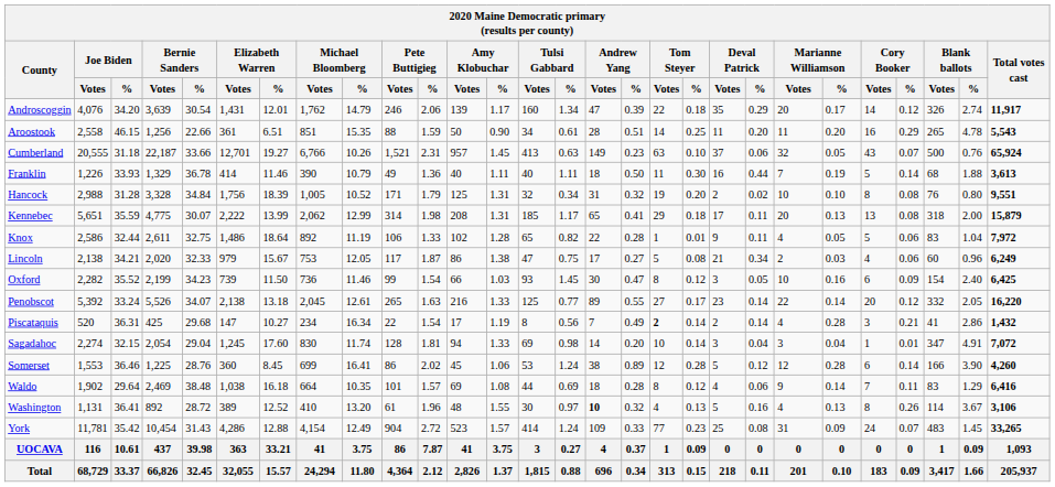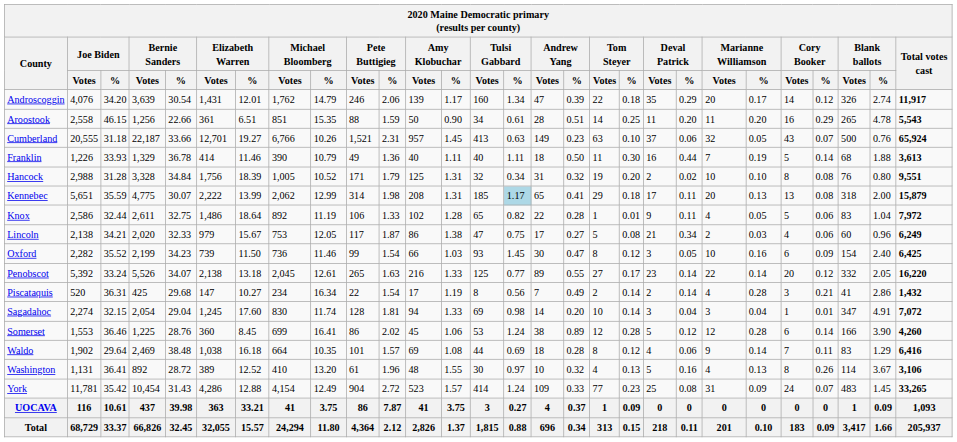 <table class="wikitable sortable mw-collapsible mw-collapsed">
 <tr>
 <th colspan="28"><small>2020 Maine Democratic primary</small><br><small>(results per county)</small></th>
 </tr>
 <tr>
 <th rowspan="2"><small>County</small></th>
 <th colspan="2"><small>Joe Biden</small></th>
 <th colspan="2"><small>Bernie Sanders</small></th>
 <th colspan="2"><small>Elizabeth Warren</small></th>
 <th colspan="2"><small>Michael Bloomberg</small></th>
 <th colspan="2"><small>Pete Buttigieg</small></th>
 <th colspan="2"><small>Amy Klobuchar</small></th>
 <th colspan="2"><small>Tulsi Gabbard</small></th>
 <th colspan="2"><small>Andrew Yang</small></th>
 <th colspan="2"><small>Tom Steyer</small></th>
 <th colspan="2"><small>Deval Patrick</small></th>
 <th colspan="2"><small>Marianne Williamson</small></th>
 <th colspan="2"><small>Cory Booker</small></th>
 <th colspan="2"><small>Blank ballots</small></th>
 <th rowspan="2"><small>Total votes cast</small></th>
 </tr>
 <tr>
 <th><small>Votes</small></th>
 <th><small>%</small></th>
 <th><small>Votes</small></th>
 <th><small>%</small></th>
 <th><small>Votes</small></th>
 <th><small>%</small></th>
 <th><small>Votes</small></th>
 <th><small>%</small></th>
 <th><small>Votes</small></th>
 <th><small>%</small></th>
 <th><small>Votes</small></th>
 <th><small>%</small></th>
 <th><small>Votes</small></th>
 <th><small>%</small></th>
 <th><small>Votes</small></th>
 <th><small>%</small></th>
 <th><small>Votes</small></th>
 <th><small>%</small></th>
 <th><small>Votes</small></th>
 <th><small>%</small></th>
 <th><small>Votes</small></th>
 <th><small>%</small></th>
 <th><small>Votes</small></th>
 <th><small>%</small></th>
 <th><small>Votes</small></th>
 <th><small>%</small></th>
 </tr>
 <tr>
 <td><a href='#'><small>Androscoggin</small></a></td>
 <td><small>4,076</small></td>
 <td><small>34.20</small></td>
 <td><small>3,639</small></td>
 <td><small>30.54</small></td>
 <td><small>1,431</small></td>
 <td><small>12.01</small></td>
 <td><small>1,762</small></td>
 <td><small>14.79</small></td>
 <td><small>246</small></td>
 <td><small>2.06</small></td>
 <td><small>139</small></td>
 <td><small>1.17</small></td>
 <td><small>160</small></td>
 <td><small>1.34</small></td>
 <td><small>47</small></td>
 <td><small>0.39</small></td>
 <td><small>22</small></td>
 <td><small>0.18</small></td>
 <td><small>35</small></td>
 <td><small>0.29</small></td>
 <td><small>20</small></td>
 <td><small>0.17</small></td>
 <td><small>14</small></td>
 <td><small>0.12</small></td>
 <td><small>326</small></td>
 <td><small>2.74</small></td>
 <td><small><strong>11,917</strong></small></td>
 </tr>
 <tr>
 <td><a href='#'><small>Aroostook</small></a></td>
 <td><small>2,558</small></td>
 <td><small>46.15</small></td>
 <td><small>1,256</small></td>
 <td><small>22.66</small></td>
 <td><small>361</small></td>
 <td><small>6.51</small></td>
 <td><small>851</small></td>
 <td><small>15.35</small></td>
 <td><small>88</small></td>
 <td><small>1.59</small></td>
 <td><small>50</small></td>
 <td><small>0.90</small></td>
 <td><small>34</small></td>
 <td><small>0.61</small></td>
 <td><small>28</small></td>
 <td><small>0.51</small></td>
 <td><small>14</small></td>
 <td><small>0.25</small></td>
 <td><small>11</small></td>
 <td><small>0.20</small></td>
 <td><small>11</small></td>
 <td><small>0.20</small></td>
 <td><small>16</small></td>
 <td><small>0.29</small></td>
 <td><small>265</small></td>
 <td><small>4.78</small></td>
 <td><small><strong>5,543</strong></small></td>
 </tr>
 <tr>
 <td><a href='#'><small>Cumberland</small></a></td>
 <td><small>20,555</small></td>
 <td><small>31.18</small></td>
 <td><small>22,187</small></td>
 <td><small>33.66</small></td>
 <td><small>12,701</small></td>
 <td><small>19.27</small></td>
 <td><small>6,766</small></td>
 <td><small>10.26</small></td>
 <td><small>1,521</small></td>
 <td><small>2.31</small></td>
 <td><small>957</small></td>
 <td><small>1.45</small></td>
 <td><small>413</small></td>
 <td><small>0.63</small></td>
 <td><small>149</small></td>
 <td><small>0.23</small></td>
 <td><small>63</small></td>
 <td><small>0.10</small></td>
 <td><small>37</small></td>
 <td><small>0.06</small></td>
 <td><small>32</small></td>
 <td><small>0.05</small></td>
 <td><small>43</small></td>
 <td><small>0.07</small></td>
 <td><small>500</small></td>
 <td><small>0.76</small></td>
 <td><small><strong>65,924</strong></small></td>
 </tr>
 <tr>
 <td><a href='#'><small>Franklin</small></a></td>
 <td><small>1,226</small></td>
 <td><small>33.93</small></td>
 <td><small>1,329</small></td>
 <td><small>36.78</small></td>
 <td><small>414</small></td>
 <td><small>11.46</small></td>
 <td><small>390</small></td>
 <td><small>10.79</small></td>
 <td><small>49</small></td>
 <td><small>1.36</small></td>
 <td><small>40</small></td>
 <td><small>1.11</small></td>
 <td><small>40</small></td>
 <td><small>1.11</small></td>
 <td><small>18</small></td>
 <td><small>0.50</small></td>
 <td><small>11</small></td>
 <td><small>0.30</small></td>
 <td><small>16</small></td>
 <td><small>0.44</small></td>
 <td><small>7</small></td>
 <td><small>0.19</small></td>
 <td><small>5</small></td>
 <td><small>0.14</small></td>
 <td><small>68</small></td>
 <td><small>1.88</small></td>
 <td><small><strong>3,613</strong></small></td>
 </tr>
 <tr>
 <td><a href='#'><small>Hancock</small></a></td>
 <td><small>2,988</small></td>
 <td><small>31.28</small></td>
 <td><small>3,328</small></td>
 <td><small>34.84</small></td>
 <td><small>1,756</small></td>
 <td><small>18.39</small></td>
 <td><small>1,005</small></td>
 <td><small>10.52</small></td>
 <td><small>171</small></td>
 <td><small>1.79</small></td>
 <td><small>125</small></td>
 <td><small>1.31</small></td>
 <td><small>32</small></td>
 <td><small>0.34</small></td>
 <td><small>31</small></td>
 <td><small>0.32</small></td>
 <td><small>19</small></td>
 <td><small>0.20</small></td>
 <td><small>2</small></td>
 <td><small>0.02</small></td>
 <td><small>10</small></td>
 <td><small>0.10</small></td>
 <td><small>8</small></td>
 <td><small>0.08</small></td>
 <td><small>76</small></td>
 <td><small>0.80</small></td>
 <td><small><strong>9,551</strong></small></td>
 </tr>
 <tr>
 <td><a href='#'><small>Kennebec</small></a></td>
 <td><small>5,651</small></td>
 <td><small>35.59</small></td>
 <td><small>4,775</small></td>
 <td><small>30.07</small></td>
 <td><small>2,222</small></td>
 <td><small>13.99</small></td>
 <td><small>2,062</small></td>
 <td><small>12.99</small></td>
 <td><small>314</small></td>
 <td><small>1.98</small></td>
 <td><small>208</small></td>
 <td><small>1.31</small></td>
 <td><small>185</small></td>
-<td><small>1.17</small></td>
+<td style="background: lightblue;"><small>1.17</small></td>
 <td><small>65</small></td>
 <td><small>0.41</small></td>
 <td><small>29</small></td>
 <td><small>0.18</small></td>
 <td><small>17</small></td>
 <td><small>0.11</small></td>
 <td><small>20</small></td>
 <td><small>0.13</small></td>
 <td><small>13</small></td>
 <td><small>0.08</small></td>
 <td><small>318</small></td>
 <td><small>2.00</small></td>
 <td><small><strong>15,879</strong></small></td>
 </tr>
 <tr>
 <td><a href='#'><small>Knox</small></a></td>
 <td><small>2,586</small></td>
 <td><small>32.44</small></td>
 <td><small>2,611</small></td>
 <td><small>32.75</small></td>
 <td><small>1,486</small></td>
 <td><small>18.64</small></td>
 <td><small>892</small></td>
 <td><small>11.19</small></td>
 <td><small>106</small></td>
 <td><small>1.33</small></td>
 <td><small>102</small></td>
 <td><small>1.28</small></td>
 <td><small>65</small></td>
 <td><small>0.82</small></td>
 <td><small>22</small></td>
 <td><small>0.28</small></td>
 <td><small>1</small></td>
 <td><small>0.01</small></td>
 <td><small>9</small></td>
 <td><small>0.11</small></td>
 <td><small>4</small></td>
 <td><small>0.05</small></td>
 <td><small>5</small></td>
 <td><small>0.06</small></td>
 <td><small>83</small></td>
 <td><small>1.04</small></td>
 <td><small><strong>7,972</strong></small></td>
 </tr>
 <tr>
 <td><a href='#'><small>Lincoln</small></a></td>
 <td><small>2,138</small></td>
 <td><small>34.21</small></td>
 <td><small>2,020</small></td>
 <td><small>32.33</small></td>
 <td><small>979</small></td>
 <td><small>15.67</small></td>
 <td><small>753</small></td>
 <td><small>12.05</small></td>
 <td><small>117</small></td>
 <td><small>1.87</small></td>
 <td><small>86</small></td>
 <td><small>1.38</small></td>
 <td><small>47</small></td>
 <td><small>0.75</small></td>
 <td><small>17</small></td>
 <td><small>0.27</small></td>
 <td><small>5</small></td>
 <td><small>0.08</small></td>
 <td><small>21</small></td>
 <td><small>0.34</small></td>
 <td><small>2</small></td>
 <td><small>0.03</small></td>
 <td><small>4</small></td>
 <td><small>0.06</small></td>
 <td><small>60</small></td>
 <td><small>0.96</small></td>
 <td><small><strong>6,249</strong></small></td>
 </tr>
 <tr>
 <td><a href='#'><small>Oxford</small></a></td>
 <td><small>2,282</small></td>
 <td><small>35.52</small></td>
 <td><small>2,199</small></td>
 <td><small>34.23</small></td>
 <td><small>739</small></td>
 <td><small>11.50</small></td>
 <td><small>736</small></td>
 <td><small>11.46</small></td>
 <td><small>99</small></td>
 <td><small>1.54</small></td>
 <td><small>66</small></td>
 <td><small>1.03</small></td>
 <td><small>93</small></td>
 <td><small>1.45</small></td>
 <td><small>30</small></td>
 <td><small>0.47</small></td>
 <td><small>8</small></td>
 <td><small>0.12</small></td>
 <td><small>3</small></td>
 <td><small>0.05</small></td>
 <td><small>10</small></td>
 <td><small>0.16</small></td>
 <td><small>6</small></td>
 <td><small>0.09</small></td>
 <td><small>154</small></td>
 <td><small>2.40</small></td>
 <td><small><strong>6,425</strong></small></td>
 </tr>
 <tr>
 <td><a href='#'><small>Penobscot</small></a></td>
 <td><small>5,392</small></td>
 <td><small>33.24</small></td>
 <td><small>5,526</small></td>
 <td><small>34.07</small></td>
 <td><small>2,138</small></td>
 <td><small>13.18</small></td>
 <td><small>2,045</small></td>
 <td><small>12.61</small></td>
 <td><small>265</small></td>
 <td><small>1.63</small></td>
 <td><small>216</small></td>
 <td><small>1.33</small></td>
 <td><small>125</small></td>
 <td><small>0.77</small></td>
 <td><small>89</small></td>
 <td><small>0.55</small></td>
 <td><small>27</small></td>
 <td><small>0.17</small></td>
 <td><small>23</small></td>
 <td><small>0.14</small></td>
 <td><small>22</small></td>
 <td><small>0.14</small></td>
 <td><small>20</small></td>
 <td><small>0.12</small></td>
 <td><small>332</small></td>
 <td><small>2.05</small></td>
 <td><small><strong>16,220</strong></small></td>
 </tr>
 <tr>
 <td><a href='#'><small>Piscataquis</small></a></td>
 <td><small>520</small></td>
 <td><small>36.31</small></td>
 <td><small>425</small></td>
 <td><small>29.68</small></td>
 <td><small>147</small></td>
 <td><small>10.27</small></td>
 <td><small>234</small></td>
 <td><small>16.34</small></td>
 <td><small>22</small></td>
 <td><small>1.54</small></td>
 <td><small>17</small></td>
 <td><small>1.19</small></td>
 <td><small>8</small></td>
 <td><small>0.56</small></td>
 <td><small>7</small></td>
 <td><small>0.49</small></td>
-<td><strong><small>2</small></strong></td>
+<td><small>2</small></td>
 <td><small>0.14</small></td>
 <td><small>2</small></td>
 <td><small>0.14</small></td>
 <td><small>4</small></td>
 <td><small>0.28</small></td>
 <td><small>3</small></td>
 <td><small>0.21</small></td>
 <td><small>41</small></td>
 <td><small>2.86</small></td>
 <td><small><strong>1,432</strong></small></td>
 </tr>
 <tr>
 <td><a href='#'><small>Sagadahoc</small></a></td>
 <td><small>2,274</small></td>
 <td><small>32.15</small></td>
 <td><small>2,054</small></td>
 <td><small>29.04</small></td>
 <td><small>1,245</small></td>
 <td><small>17.60</small></td>
 <td><small>830</small></td>
 <td><small>11.74</small></td>
 <td><small>128</small></td>
 <td><small>1.81</small></td>
 <td><small>94</small></td>
 <td><small>1.33</small></td>
 <td><small>69</small></td>
 <td><small>0.98</small></td>
 <td><small>14</small></td>
 <td><small>0.20</small></td>
 <td><small>10</small></td>
 <td><small>0.14</small></td>
 <td><small>3</small></td>
 <td><small>0.04</small></td>
 <td><small>3</small></td>
 <td><small>0.04</small></td>
 <td><small>1</small></td>
 <td><small>0.01</small></td>
 <td><small>347</small></td>
 <td><small>4.91</small></td>
 <td><small><strong>7,072</strong></small></td>
 </tr>
 <tr>
 <td><a href='#'><small>Somerset</small></a></td>
 <td><small>1,553</small></td>
 <td><small>36.46</small></td>
 <td><small>1,225</small></td>
 <td><small>28.76</small></td>
 <td><small>360</small></td>
 <td><small>8.45</small></td>
 <td><small>699</small></td>
 <td><small>16.41</small></td>
 <td><small>86</small></td>
 <td><small>2.02</small></td>
 <td><small>45</small></td>
 <td><small>1.06</small></td>
 <td><small>53</small></td>
 <td><small>1.24</small></td>
 <td><small>38</small></td>
 <td><small>0.89</small></td>
 <td><small>12</small></td>
 <td><small>0.28</small></td>
 <td><small>5</small></td>
 <td><small>0.12</small></td>
 <td><small>12</small></td>
 <td><small>0.28</small></td>
 <td><small>6</small></td>
 <td><small>0.14</small></td>
 <td><small>166</small></td>
 <td><small>3.90</small></td>
 <td><small><strong>4,260</strong></small></td>
 </tr>
 <tr>
 <td><a href='#'><small>Waldo</small></a></td>
 <td><small>1,902</small></td>
 <td><small>29.64</small></td>
 <td><small>2,469</small></td>
 <td><small>38.48</small></td>
 <td><small>1,038</small></td>
 <td><small>16.18</small></td>
 <td><small>664</small></td>
 <td><small>10.35</small></td>
 <td><small>101</small></td>
 <td><small>1.57</small></td>
 <td><small>69</small></td>
 <td><small>1.08</small></td>
 <td><small>44</small></td>
 <td><small>0.69</small></td>
 <td><small>18</small></td>
 <td><small>0.28</small></td>
 <td><small>8</small></td>
 <td><small>0.12</small></td>
 <td><small>4</small></td>
 <td><small>0.06</small></td>
 <td><small>9</small></td>
 <td><small>0.14</small></td>
 <td><small>7</small></td>
 <td><small>0.11</small></td>
 <td><small>83</small></td>
 <td><small>1.29</small></td>
 <td><small><strong>6,416</strong></small></td>
 </tr>
 <tr>
 <td><a href='#'><small>Washington</small></a></td>
 <td><small>1,131</small></td>
 <td><small>36.41</small></td>
 <td><small>892</small></td>
 <td><small>28.72</small></td>
 <td><small>389</small></td>
 <td><small>12.52</small></td>
 <td><small>410</small></td>
 <td><small>13.20</small></td>
 <td><small>61</small></td>
 <td><small>1.96</small></td>
 <td><small>48</small></td>
 <td><small>1.55</small></td>
 <td><small>30</small></td>
 <td><small>0.97</small></td>
-<td><strong><small>10</small></strong></td>
+<td><small>10</small></td>
 <td><small>0.32</small></td>
 <td><small>4</small></td>
 <td><small>0.13</small></td>
 <td><small>5</small></td>
 <td><small>0.16</small></td>
 <td><small>4</small></td>
 <td><small>0.13</small></td>
 <td><small>8</small></td>
 <td><small>0.26</small></td>
 <td><small>114</small></td>
 <td><small>3.67</small></td>
 <td><small><strong>3,106</strong></small></td>
 </tr>
 <tr>
 <td><a href='#'><small>York</small></a></td>
 <td><small>11,781</small></td>
 <td><small>35.42</small></td>
 <td><small>10,454</small></td>
 <td><small>31.43</small></td>
 <td><small>4,286</small></td>
 <td><small>12.88</small></td>
 <td><small>4,154</small></td>
 <td><small>12.49</small></td>
 <td><small>904</small></td>
 <td><small>2.72</small></td>
 <td><small>523</small></td>
 <td><small>1.57</small></td>
 <td><small>414</small></td>
 <td><small>1.24</small></td>
 <td><small>109</small></td>
 <td><small>0.33</small></td>
 <td><small>77</small></td>
 <td><small>0.23</small></td>
 <td><small>25</small></td>
 <td><small>0.08</small></td>
 <td><small>31</small></td>
 <td><small>0.09</small></td>
 <td><small>24</small></td>
 <td><small>0.07</small></td>
 <td><small>483</small></td>
 <td><small>1.45</small></td>
 <td><small><strong>33,265</strong></small></td>
 </tr>
 <tr>
 <th><a href='#'><small>UOCAVA</small></a></th>
 <th><small>116</small></th>
 <th><small>10.61</small></th>
 <th><small>437</small></th>
 <th><small>39.98</small></th>
 <th><small>363</small></th>
 <th><small>33.21</small></th>
 <th><small>41</small></th>
 <th><small>3.75</small></th>
 <th><small>86</small></th>
 <th><small>7.87</small></th>
 <th><small>41</small></th>
 <th><small>3.75</small></th>
 <th><small>3</small></th>
 <th><small>0.27</small></th>
 <th><small>4</small></th>
 <th><small>0.37</small></th>
 <th><small>1</small></th>
 <th><small>0.09</small></th>
 <th><small>0</small></th>
 <th><small>0</small></th>
 <th><small>0</small></th>
 <th><small>0</small></th>
 <th><small>0</small></th>
 <th><small>0</small></th>
 <th><small>1</small></th>
 <th><small>0.09</small></th>
 <th><small><strong>1,093</strong></small></th>
 </tr>
 <tr>
 <th><small>Total</small></th>
 <th><small>68,729</small></th>
 <th><small>33.37</small></th>
 <th><small>66,826</small></th>
 <th><small>32.45</small></th>
 <th><small>32,055</small></th>
 <th><small>15.57</small></th>
 <th><small>24,294</small></th>
 <th><small>11.80</small></th>
 <th><small>4,364</small></th>
 <th><small>2.12</small></th>
 <th><small>2,826</small></th>
 <th><small>1.37</small></th>
 <th><small>1,815</small></th>
 <th><small>0.88</small></th>
 <th><small>696</small></th>
 <th><small>0.34</small></th>
 <th><small>313</small></th>
 <th><small>0.15</small></th>
 <th><small>218</small></th>
 <th><small>0.11</small></th>
 <th><small>201</small></th>
 <th><small>0.10</small></th>
 <th><small>183</small></th>
 <th><small>0.09</small></th>
 <th><small>3,417</small></th>
 <th><small>1.66</small></th>
 <th><small><strong>205,937</strong></small></th>
 </tr>
 </table>
